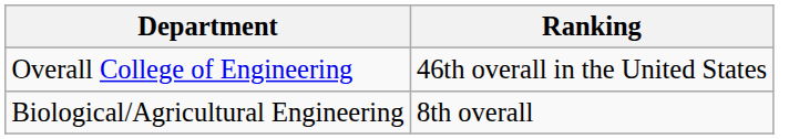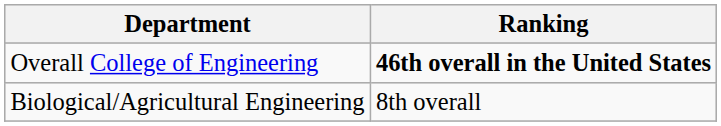 <table class="wikitable">
 <tr>
 <th>Department</th>
 <th>Ranking</th>
 </tr>
 <tr>
 <td>Overall <a href='#'>College of Engineering</a></td>
-<td>46th overall in the United States</td>
+<td><strong>46th overall in the United States</strong></td>
 </tr>
 <tr>
 <td>Biological/Agricultural Engineering</td>
 <td>8th overall</td>
 </tr>
 </table>
